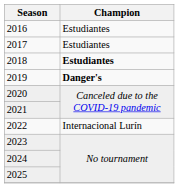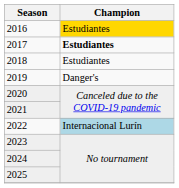 <table class="wikitable sortable">
 <tr>
 <th width=80px>Season</th>
 <th width=170px>Champion</th>
 </tr>
 <tr>
 <td>2016</td>
+<td style="background: gold;">Estudiantes</td>
+</tr>
+<tr>
+<td>2017</td>
+<td><strong>Estudiantes</strong></td>
+</tr>
+<tr>
+<td>2018</td>
 <td>Estudiantes</td>
 </tr>
 <tr>
-<td>2017</td>
-<td>Estudiantes</td>
-</tr>
-<tr>
-<td>2018</td>
-<td><strong>Estudiantes</strong></td>
-</tr>
-<tr>
 <td>2019</td>
-<td><strong>Danger's</strong></td>
+<td>Danger's</td>
 </tr>
 <tr bgcolor=#efefef>
 <td>2020</td>
 <td rowspan=2 colspan="1" align=center><em>Canceled due to the <a href='#'>COVID-19 pandemic</a></em></td>
 </tr>
 <tr bgcolor=#efefef>
 <td>2021</td>
 </tr>
 <tr>
 <td>2022</td>
-<td>Internacional Lurín</td>
+<td style="background: lightblue;">Internacional Lurín</td>
 </tr>
 <tr bgcolor=#efefef>
 <td>2023</td>
 <td rowspan=3 colspan=2 align=center><em>No tournament</em></td>
 </tr>
 <tr bgcolor=#efefef>
 <td>2024</td>
 </tr>
 <tr bgcolor=#efefef>
 <td>2025</td>
 </tr>
 <tr>
 </tr>
 </table>
